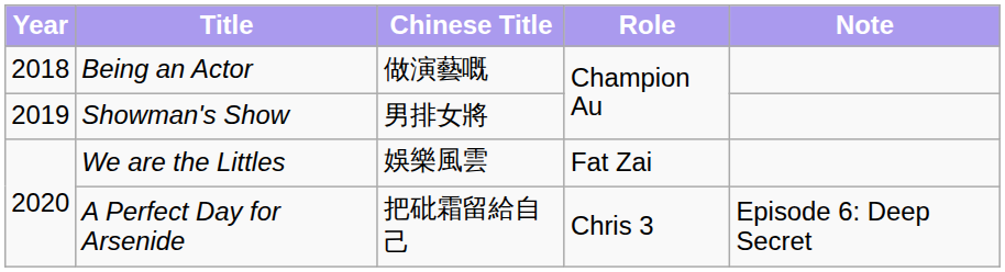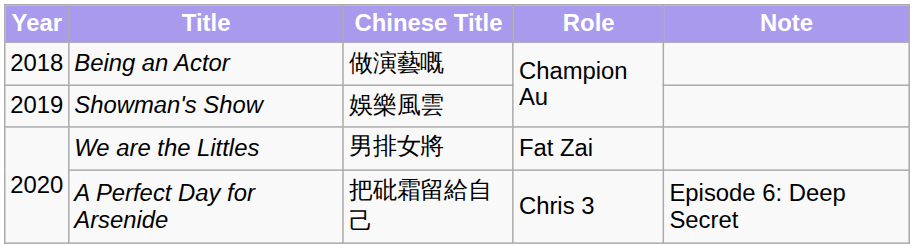 <table class="wikitable">
 <tr>
 <th style="background: #aa9aee; color: white;">Year</th>
 <th style="background: #aa9aee; color: white;">Title</th>
 <th style="background: #aa9aee; color: white;">Chinese Title</th>
 <th style="background: #aa9aee; color: white;">Role</th>
 <th style="background: #aa9aee; color: white;">Note</th>
 </tr>
 <tr>
 <td>2018</td>
 <td><em>Being an Actor</em></td>
 <td>做演藝嘅</td>
 <td rowspan="2">Champion Au</td>
 <td></td>
 </tr>
 <tr>
 <td>2019</td>
 <td><em>Showman's Show</em></td>
-<td>男排女將</td>
+<td>娛樂風雲</td>
 <td></td>
 </tr>
 <tr>
 <td rowspan="2">2020</td>
 <td><em>We are the Littles</em></td>
-<td>娛樂風雲</td>
+<td>男排女將</td>
 <td>Fat Zai</td>
 <td></td>
 </tr>
 <tr>
 <td><em>A Perfect Day for Arsenide</em></td>
 <td>把砒霜留給自己</td>
 <td>Chris 3</td>
 <td>Episode 6: Deep Secret</td>
 </tr>
 </table>
